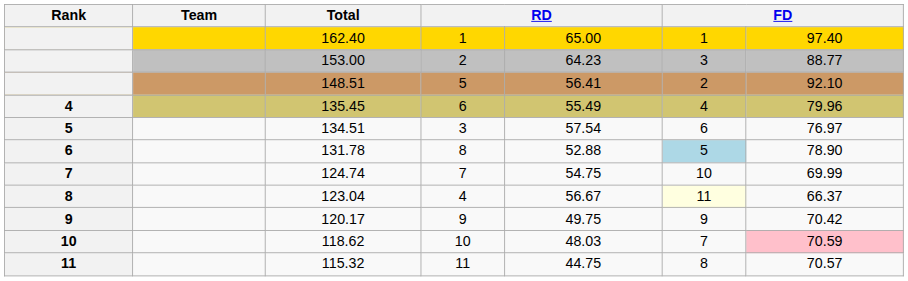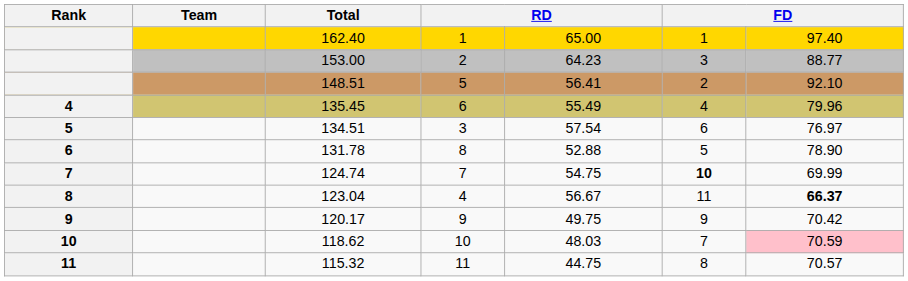 <table class="wikitable sortable" style="text-align:center; width:80%">
 <tr>
 <th scope="col">Rank</th>
 <th scope="col">Team</th>
 <th scope="col">Total</th>
 <th scope="col" colspan="2" width="80px"><a href='#'>RD</a></th>
 <th scope="col" colspan="2" width="80px"><a href='#'>FD</a></th>
 </tr>
 <tr bgcolor="gold">
 <th scope="row"></th>
 <td align="left"></td>
 <td>162.40</td>
 <td>1</td>
 <td>65.00</td>
 <td>1</td>
 <td>97.40</td>
 </tr>
 <tr bgcolor="silver">
 <th scope="row"></th>
 <td align="left"></td>
 <td>153.00</td>
 <td>2</td>
 <td>64.23</td>
 <td>3</td>
 <td>88.77</td>
 </tr>
 <tr bgcolor="cc9966">
 <th scope="row"></th>
 <td align="left"></td>
 <td>148.51</td>
 <td>5</td>
 <td>56.41</td>
 <td>2</td>
 <td>92.10</td>
 </tr>
 <tr bgcolor="#d1c571">
 <th scope="row">4</th>
 <td align="left"></td>
 <td>135.45</td>
 <td>6</td>
 <td>55.49</td>
 <td>4</td>
 <td>79.96</td>
 </tr>
 <tr>
 <th scope="row">5</th>
 <td align="left"></td>
 <td>134.51</td>
 <td>3</td>
 <td>57.54</td>
 <td>6</td>
 <td>76.97</td>
 </tr>
 <tr>
 <th scope="row">6</th>
 <td align="left"></td>
 <td>131.78</td>
 <td>8</td>
 <td>52.88</td>
-<td style="background: lightblue;">5</td>
+<td>5</td>
 <td>78.90</td>
 </tr>
 <tr>
 <th scope="row">7</th>
 <td align="left"></td>
 <td>124.74</td>
 <td>7</td>
 <td>54.75</td>
-<td>10</td>
+<td><strong>10</strong></td>
 <td>69.99</td>
 </tr>
 <tr>
 <th scope="row">8</th>
 <td align="left"></td>
 <td>123.04</td>
 <td>4</td>
 <td>56.67</td>
-<td style="background: lightyellow;">11</td>
-<td>66.37</td>
+<td>11</td>
+<td><strong>66.37</strong></td>
 </tr>
 <tr>
 <th scope="row">9</th>
 <td align="left"></td>
 <td>120.17</td>
 <td>9</td>
 <td>49.75</td>
 <td>9</td>
 <td>70.42</td>
 </tr>
 <tr>
 <th scope="row">10</th>
 <td align="left"></td>
 <td>118.62</td>
 <td>10</td>
 <td>48.03</td>
 <td>7</td>
 <td style="background: pink;">70.59</td>
 </tr>
 <tr>
 <th scope="row">11</th>
 <td align="left"></td>
 <td>115.32</td>
 <td>11</td>
 <td>44.75</td>
 <td>8</td>
 <td>70.57</td>
 </tr>
 </table>
